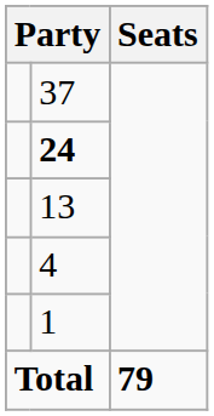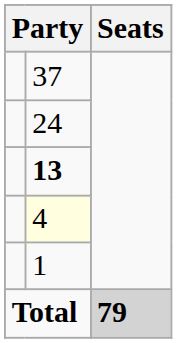 <table class="wikitable">
 <tr>
 <th colspan=2>Party</th>
 <th>Seats</th>
 </tr>
 <tr>
 <td></td>
 <td>37</td>
 </tr>
 <tr>
 <td></td>
-<td><strong>24</strong></td>
+<td>24</td>
 </tr>
 <tr>
 <td></td>
-<td>13</td>
+<td><strong>13</strong></td>
 </tr>
 <tr>
 <td></td>
-<td>4</td>
+<td style="background: lightyellow;">4</td>
 </tr>
 <tr>
 <td></td>
 <td>1</td>
 </tr>
 <tr>
 <td colspan="2"><strong>Total</strong></td>
-<td><strong>79</strong></td>
+<td style="background: lightgrey;"><strong>79</strong></td>
 </tr>
 </table>
